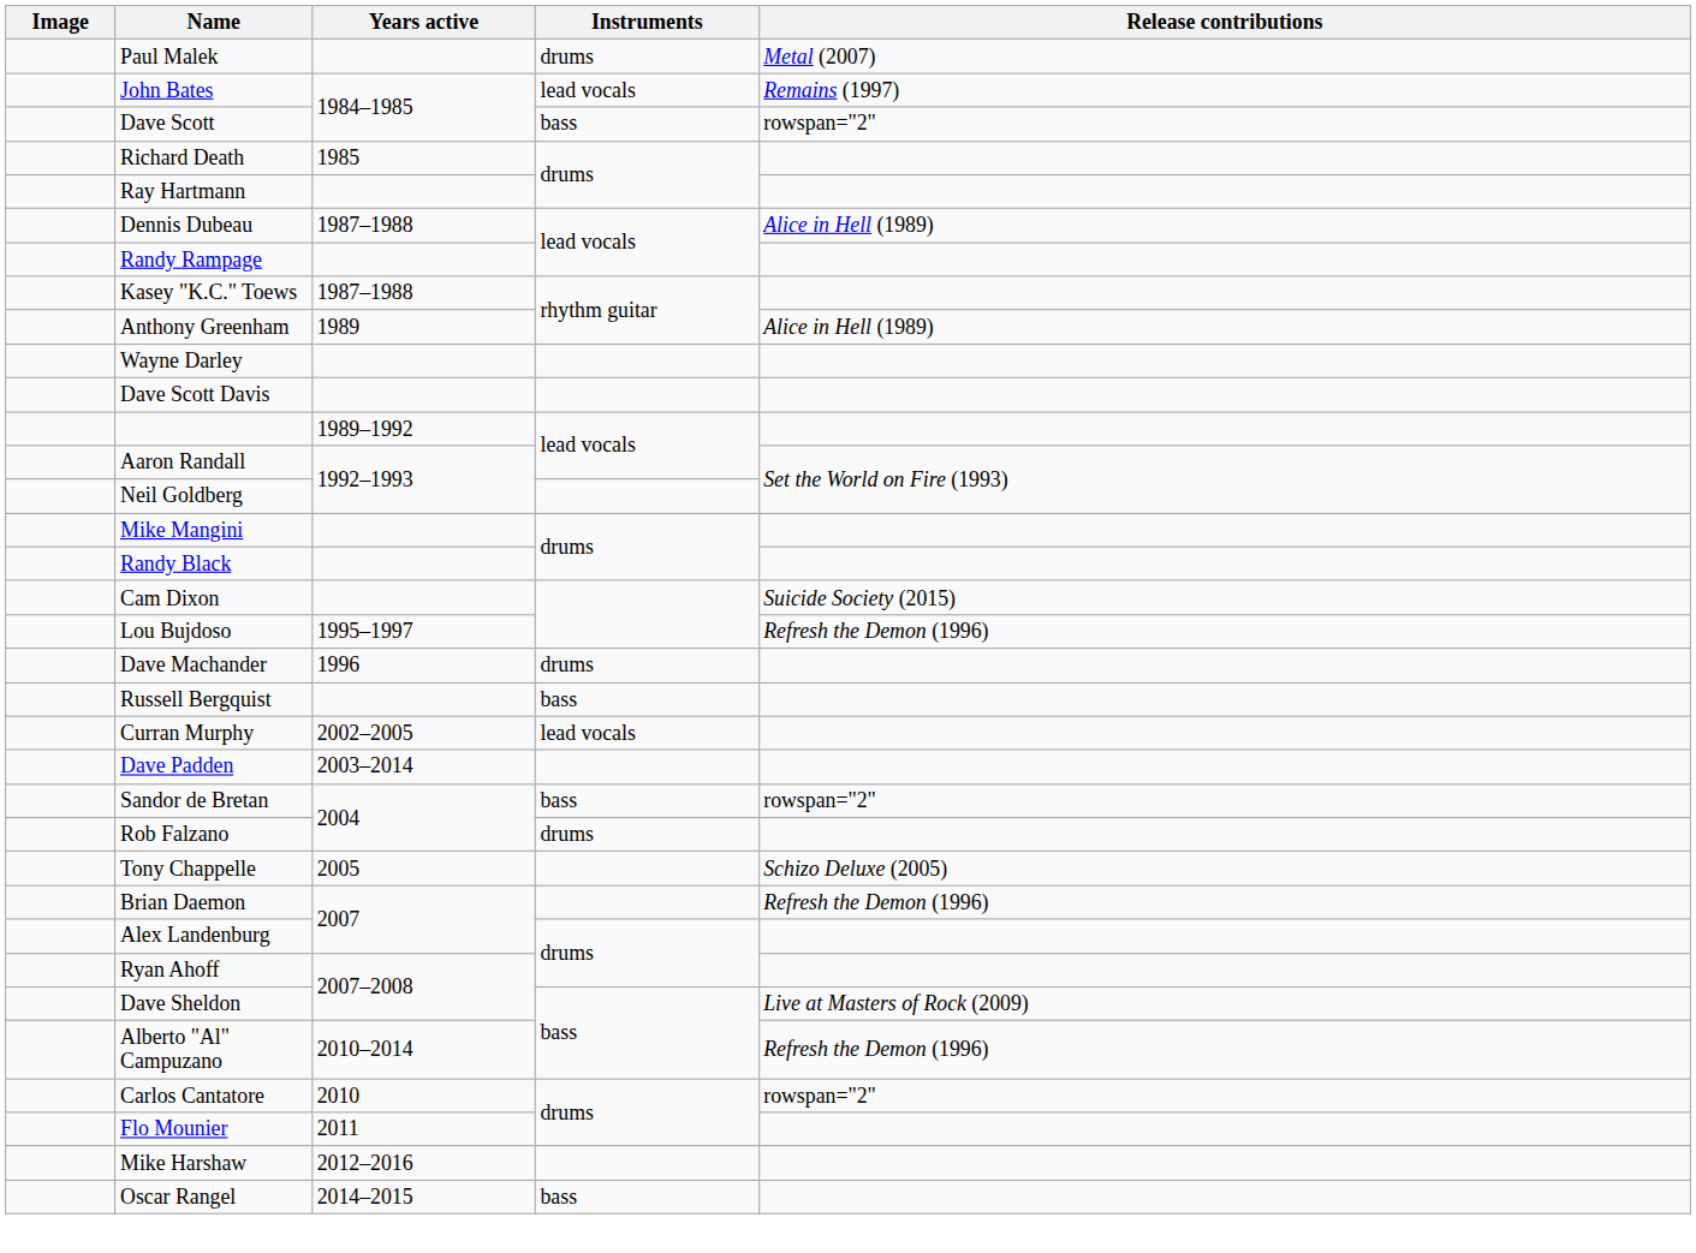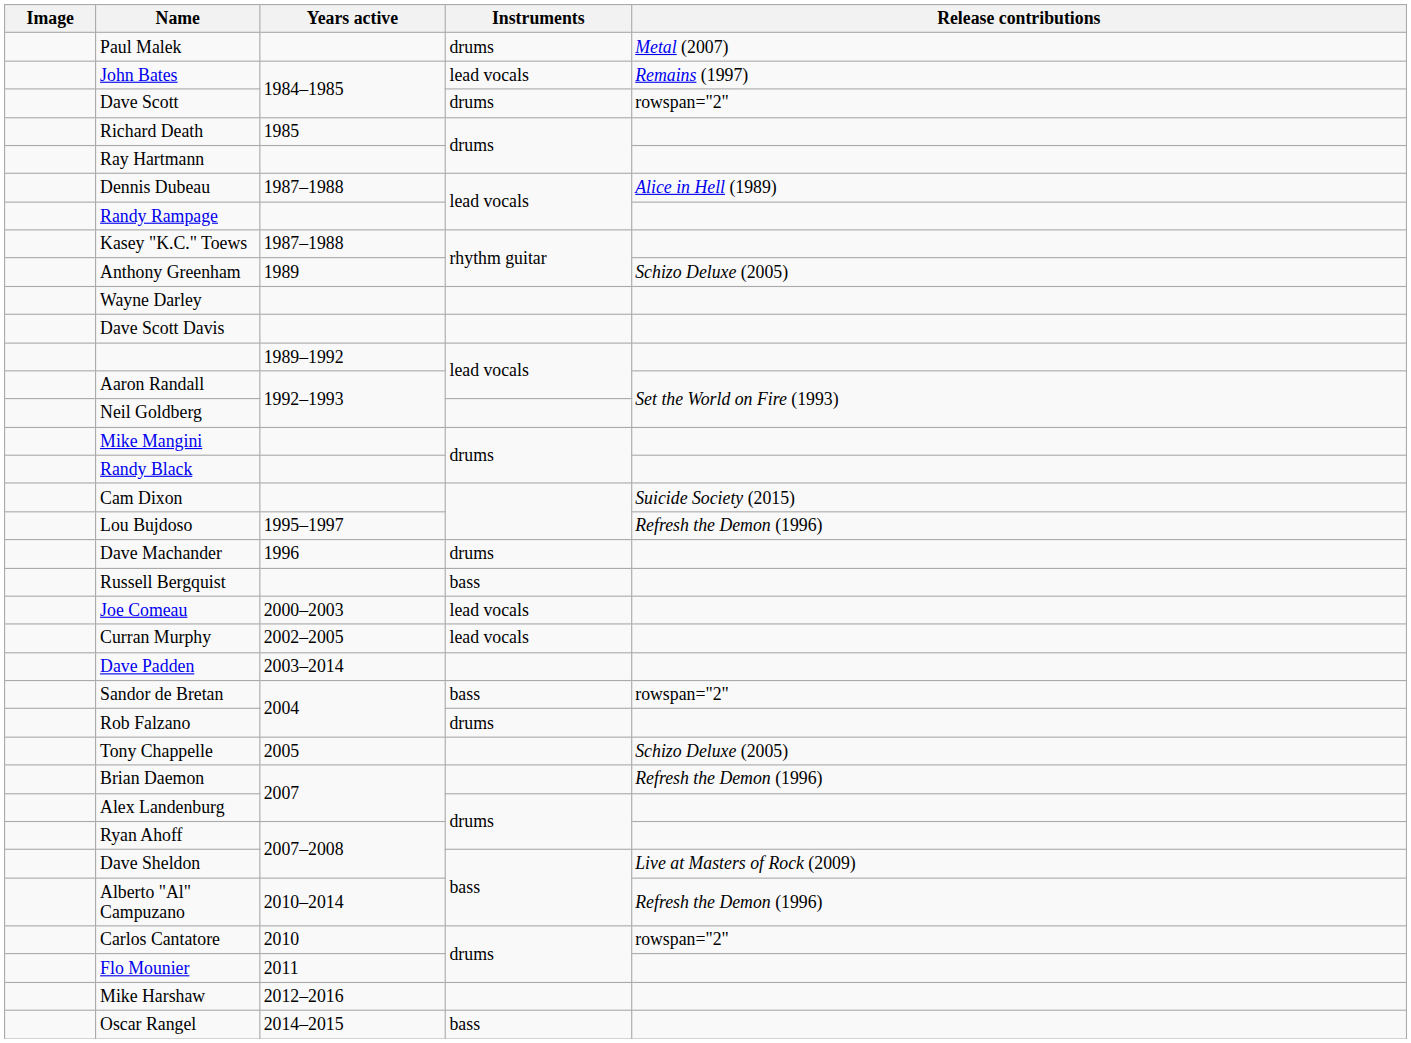 <table class="wikitable" width="100%" border="1">
 <tr>
 <th width="75">Image</th>
 <th width="140">Name</th>
 <th width="160">Years active</th>
 <th width="160">Instruments</th>
 <th>Release contributions</th>
 </tr>
 <tr>
 <td></td>
 <td>Paul Malek</td>
 <td></td>
 <td>drums</td>
 <td><em><a href='#'>Metal</a></em> (2007) </td>
 </tr>
 <tr>
 <td></td>
 <td><a href='#'>John Bates</a></td>
 <td rowspan="2">1984–1985</td>
 <td>lead vocals</td>
 <td><em><a href='#'>Remains</a></em> (1997) </td>
 </tr>
 <tr>
 <td></td>
 <td>Dave Scott</td>
-<td>bass</td>
+<td>drums</td>
 <td>rowspan="2" </td>
 </tr>
 <tr>
 <td></td>
 <td>Richard Death</td>
 <td>1985</td>
 <td rowspan="2">drums</td>
 </tr>
 <tr>
 <td></td>
 <td>Ray Hartmann</td>
 <td></td>
 <td></td>
 </tr>
 <tr>
 <td></td>
 <td>Dennis Dubeau</td>
 <td>1987–1988</td>
 <td rowspan="2">lead vocals</td>
 <td><em><a href='#'>Alice in Hell</a></em> (1989) </td>
 </tr>
 <tr>
 <td></td>
 <td><a href='#'>Randy Rampage</a></td>
 <td></td>
 <td></td>
 </tr>
 <tr>
 <td></td>
 <td>Kasey "K.C." Toews</td>
 <td>1987–1988</td>
 <td rowspan="2">rhythm guitar</td>
 <td></td>
 </tr>
 <tr>
 <td></td>
 <td>Anthony Greenham</td>
 <td>1989</td>
-<td><em>Alice in Hell</em> (1989) </td>
+<td><em>Schizo Deluxe</em> (2005)</td>
 </tr>
 <tr>
 <td></td>
 <td>Wayne Darley</td>
 <td></td>
 <td></td>
 <td></td>
 </tr>
 <tr>
 <td></td>
 <td>Dave Scott Davis</td>
 <td></td>
 <td></td>
 <td></td>
 </tr>
 <tr>
 <td></td>
 <td></td>
 <td>1989–1992 </td>
 <td rowspan="2">lead vocals</td>
 <td></td>
 </tr>
 <tr>
 <td></td>
 <td>Aaron Randall</td>
 <td rowspan="2">1992–1993</td>
 <td rowspan="2"><em>Set the World on Fire</em> (1993)</td>
 </tr>
 <tr>
 <td></td>
 <td>Neil Goldberg</td>
 <td></td>
 </tr>
 <tr>
 <td></td>
 <td><a href='#'>Mike Mangini</a></td>
 <td></td>
 <td rowspan="2">drums</td>
 <td></td>
 </tr>
 <tr>
 <td></td>
 <td><a href='#'>Randy Black</a></td>
 <td></td>
 <td></td>
 </tr>
 <tr>
 <td></td>
 <td>Cam Dixon</td>
 <td></td>
 <td rowspan="2"></td>
 <td><em>Suicide Society</em> (2015)</td>
 </tr>
 <tr>
 <td></td>
 <td>Lou Bujdoso</td>
 <td>1995–1997</td>
 <td><em>Refresh the Demon</em> (1996)</td>
 </tr>
 <tr>
 <td></td>
 <td>Dave Machander</td>
 <td>1996 </td>
 <td>drums</td>
 <td></td>
 </tr>
 <tr>
 <td></td>
 <td>Russell Bergquist</td>
 <td></td>
 <td>bass</td>
+<td></td>
+</tr>
+<tr>
+<td></td>
+<td><a href='#'>Joe Comeau</a></td>
+<td>2000–2003</td>
+<td>lead vocals</td>
 <td></td>
 </tr>
 <tr>
 <td></td>
 <td>Curran Murphy</td>
 <td>2002–2005</td>
 <td>lead vocals</td>
 <td></td>
 </tr>
 <tr>
 <td></td>
 <td><a href='#'>Dave Padden</a></td>
 <td>2003–2014</td>
 <td></td>
 <td></td>
 </tr>
 <tr>
 <td></td>
 <td>Sandor de Bretan</td>
 <td rowspan="2">2004</td>
 <td>bass</td>
 <td>rowspan="2" </td>
 </tr>
 <tr>
 <td></td>
 <td>Rob Falzano</td>
 <td>drums</td>
 </tr>
 <tr>
 <td></td>
 <td>Tony Chappelle</td>
 <td>2005</td>
 <td></td>
 <td><em>Schizo Deluxe</em> (2005)</td>
 </tr>
 <tr>
 <td></td>
 <td>Brian Daemon</td>
 <td rowspan="2">2007</td>
 <td></td>
 <td><em>Refresh the Demon</em> (1996)</td>
 </tr>
 <tr>
 <td></td>
 <td>Alex Landenburg</td>
 <td rowspan="2">drums</td>
 </tr>
 <tr>
 <td></td>
 <td>Ryan Ahoff</td>
 <td rowspan="2">2007–2008</td>
 <td></td>
 </tr>
 <tr>
 <td></td>
 <td>Dave Sheldon</td>
 <td rowspan="2">bass</td>
 <td><em>Live at Masters of Rock</em> (2009)</td>
 </tr>
 <tr>
 <td></td>
 <td>Alberto "Al" Campuzano</td>
 <td>2010–2014</td>
 <td><em>Refresh the Demon</em> (1996)</td>
 </tr>
 <tr>
 <td></td>
 <td>Carlos Cantatore</td>
 <td>2010</td>
 <td rowspan="2">drums</td>
 <td>rowspan="2" </td>
 </tr>
 <tr>
 <td></td>
 <td><a href='#'>Flo Mounier</a></td>
 <td>2011</td>
 </tr>
 <tr>
 <td></td>
 <td>Mike Harshaw</td>
 <td>2012–2016</td>
 <td></td>
 <td></td>
 </tr>
 <tr>
 <td></td>
 <td>Oscar Rangel</td>
 <td>2014–2015</td>
 <td>bass</td>
 <td></td>
 </tr>
 </table>
